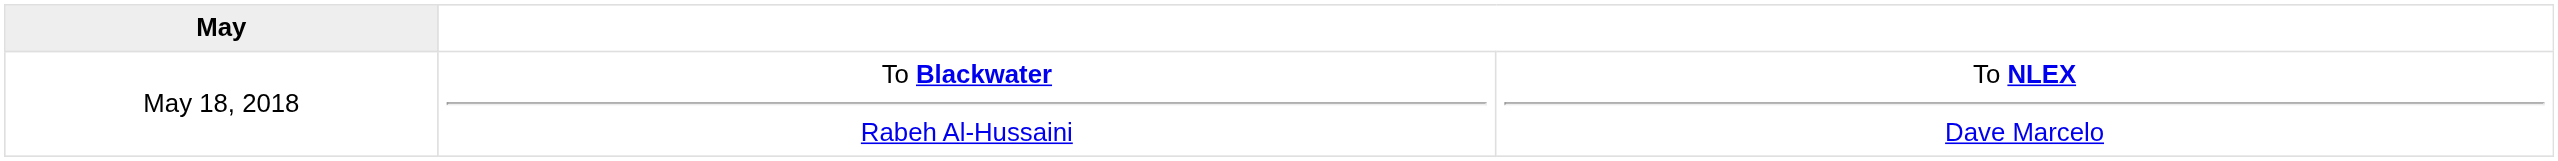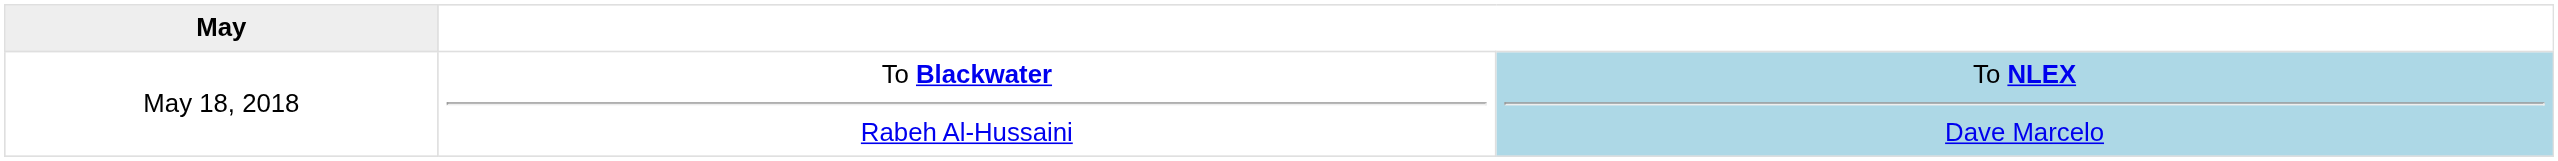 <table border=1 style="border-collapse:collapse; text-align: center; width: 100%" bordercolor="#DFDFDF"  cellpadding="5">
 <tr bgcolor="eeeeee">
 <th>May</th>
 </tr>
 <tr>
 <td style="width:12%">May 18, 2018</td>
 <td style="width:29.3%" valign="top">To <strong><a href='#'>Blackwater</a></strong><hr><a href='#'>Rabeh Al-Hussaini</a></td>
-<td style="width:29.3%" valign="top">To <strong><a href='#'>NLEX</a></strong><hr><a href='#'>Dave Marcelo</a></td>
+<td style="background: lightblue; width:29.3%" valign="top">To <strong><a href='#'>NLEX</a></strong><hr><a href='#'>Dave Marcelo</a></td>
 </tr>
 </table>
